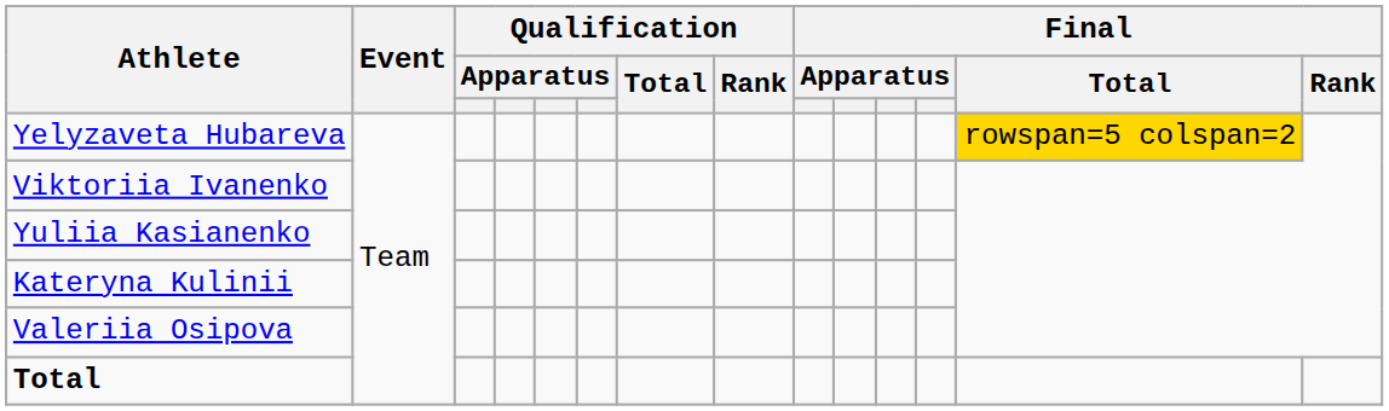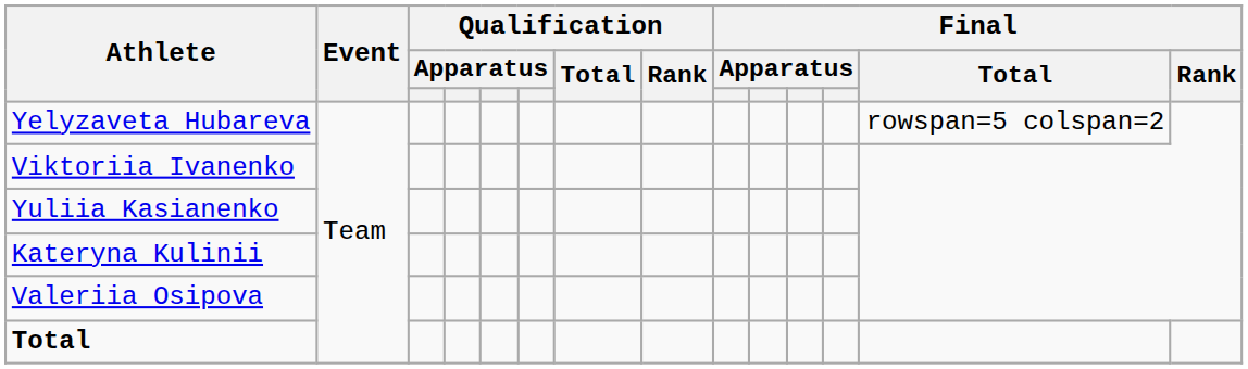 <table class="wikitable" style="font-size:90%">
 <tr>
 <th rowspan=3>Athlete</th>
 <th rowspan=3>Event</th>
 <th colspan=6>Qualification</th>
 <th colspan=6>Final</th>
 </tr>
 <tr style="font-size:95%">
 <th colspan=4>Apparatus</th>
 <th rowspan=2>Total</th>
 <th rowspan=2>Rank</th>
 <th colspan=4>Apparatus</th>
 <th rowspan=2>Total</th>
 <th rowspan=2>Rank</th>
 </tr>
 <tr style="font-size:95%">
 <th></th>
 <th></th>
 <th></th>
 <th></th>
 <th></th>
 <th></th>
 <th></th>
 <th></th>
 </tr>
 <tr align=center>
 <td align=left><a href='#'>Yelyzaveta Hubareva</a></td>
 <td align=left rowspan=6>Team</td>
 <td></td>
 <td></td>
 <td></td>
 <td></td>
 <td></td>
 <td></td>
 <td></td>
 <td></td>
 <td></td>
 <td></td>
-<td style="background: gold;">rowspan=5 colspan=2</td>
+<td>rowspan=5 colspan=2</td>
 </tr>
 <tr align=center>
 <td align=left><a href='#'>Viktoriia Ivanenko</a></td>
 <td></td>
 <td></td>
 <td></td>
 <td></td>
 <td></td>
 <td></td>
 <td></td>
 <td></td>
 <td></td>
 <td></td>
 </tr>
 <tr align=center>
 <td align=left><a href='#'>Yuliia Kasianenko</a></td>
 <td></td>
 <td></td>
 <td></td>
 <td></td>
 <td></td>
 <td></td>
 <td></td>
 <td></td>
 <td></td>
 <td></td>
 </tr>
 <tr align=center>
 <td align=left><a href='#'>Kateryna Kulinii</a></td>
 <td></td>
 <td></td>
 <td></td>
 <td></td>
 <td></td>
 <td></td>
 <td></td>
 <td></td>
 <td></td>
 <td></td>
 </tr>
 <tr align=center>
 <td align=left><a href='#'>Valeriia Osipova</a></td>
 <td></td>
 <td></td>
 <td></td>
 <td></td>
 <td></td>
 <td></td>
 <td></td>
 <td></td>
 <td></td>
 <td></td>
 </tr>
 <tr align=center>
 <td align=left><strong>Total</strong></td>
 <td></td>
 <td></td>
 <td></td>
 <td></td>
 <td></td>
 <td></td>
 <td></td>
 <td></td>
 <td></td>
 <td></td>
 <td></td>
 <td></td>
 </tr>
 </table>
